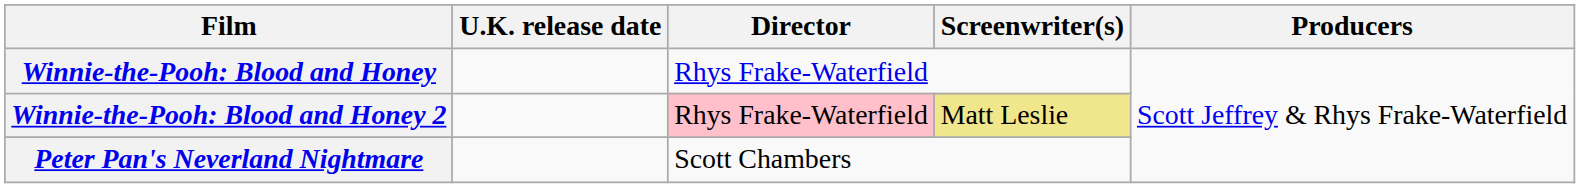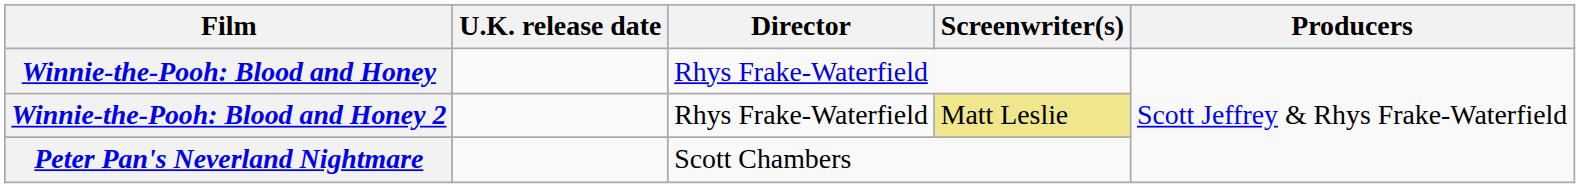 <table class="wikitable plainrowheaders defaultcenter col2left">
 <tr>
 <th scope="col">Film</th>
 <th scope="col">U.K. release date</th>
 <th scope="col">Director</th>
 <th scope="col">Screenwriter(s)</th>
 <th scope="col">Producers</th>
 </tr>
 <tr>
 <th scope="row"><em><a href='#'>Winnie-the-Pooh: Blood and Honey</a></em></th>
 <td></td>
 <td colspan="2"><a href='#'>Rhys Frake-Waterfield</a></td>
 <td rowspan="3"><a href='#'>Scott Jeffrey</a> & Rhys Frake-Waterfield</td>
 </tr>
 <tr>
 <th scope="row"><em><a href='#'>Winnie-the-Pooh: Blood and Honey 2</a></em></th>
 <td></td>
-<td style="background: pink;">Rhys Frake-Waterfield</td>
+<td>Rhys Frake-Waterfield</td>
 <td style="background: khaki;">Matt Leslie</td>
 </tr>
 <tr>
 <th scope="row"><em><a href='#'>Peter Pan's Neverland Nightmare</a></em></th>
 <td></td>
 <td colspan="2">Scott Chambers</td>
 </tr>
 </table>
